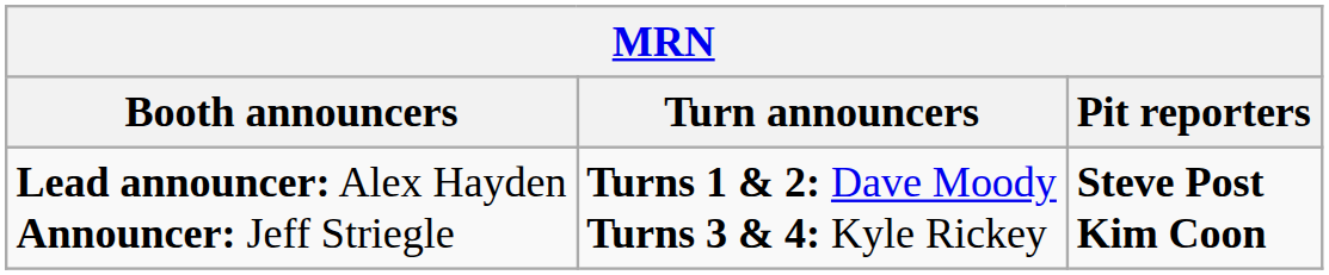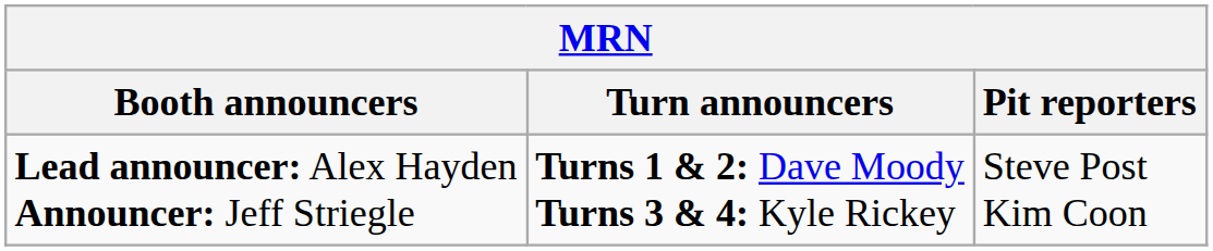 <table class="wikitable" style="font-size: 95%">
 <tr>
 <th colspan="3"><a href='#'>MRN</a></th>
 </tr>
 <tr>
 <th>Booth announcers</th>
 <th>Turn announcers</th>
 <th>Pit reporters</th>
 </tr>
 <tr>
 <td><strong>Lead announcer:</strong> Alex Hayden<br><strong>Announcer:</strong> Jeff Striegle</td>
 <td><strong>Turns 1 & 2: </strong><a href='#'>Dave Moody</a><br><strong>Turns 3 & 4: </strong>Kyle Rickey</td>
-<td><strong>Steve Post<br>Kim Coon</strong></td>
+<td>Steve Post<br>Kim Coon</td>
 </tr>
 </table>
